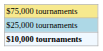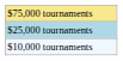 <table class="wikitable" style="font-size:85%;" width=12%>
 <tr style="background:#f7e98e;">
 <td>$75,000 tournaments</td>
 </tr>
 <tr style="background:lightblue;">
 <td>$25,000 tournaments</td>
 </tr>
 <tr style="background:#f0f8ff;">
-<td><strong>$10,000 tournaments</strong></td>
+<td>$10,000 tournaments</td>
 </tr>
 </table>
